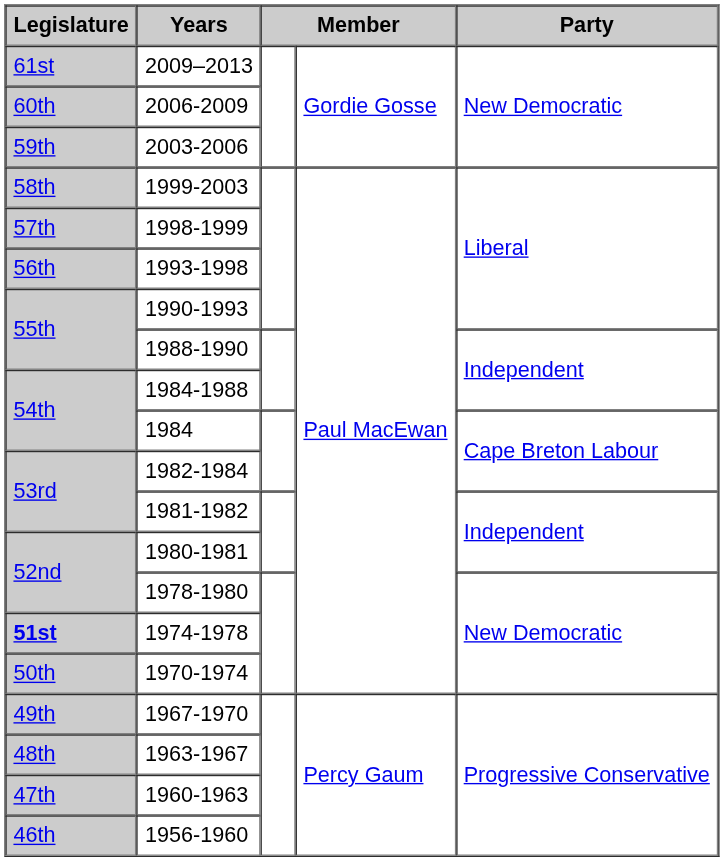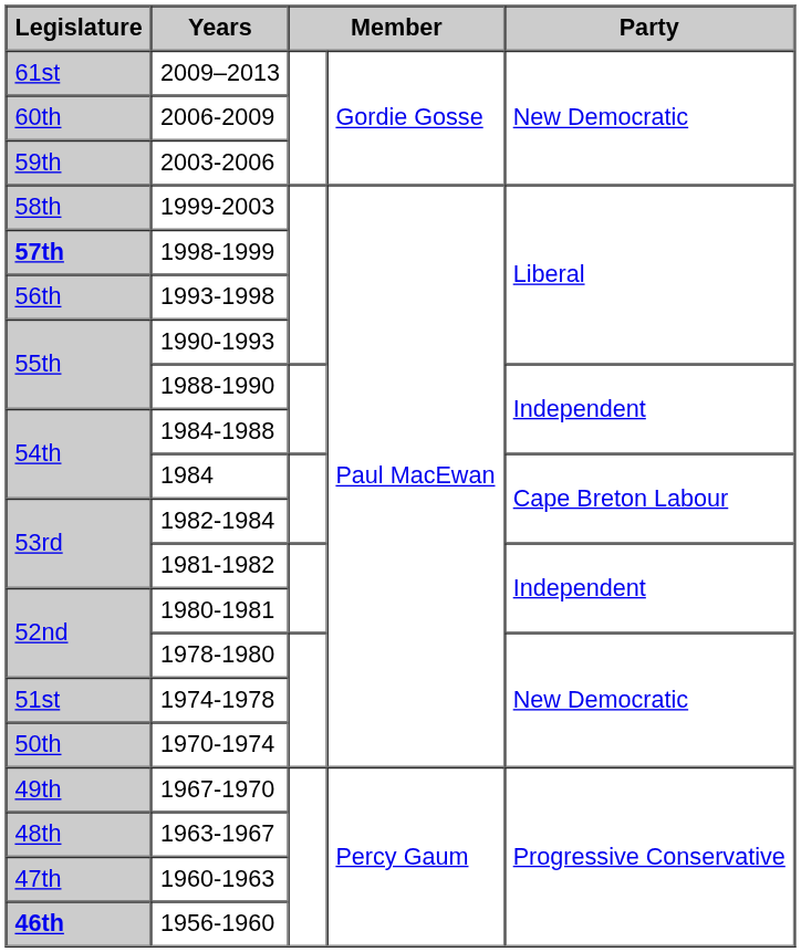 <table border=1 cellpadding=5 cellspacing=0>
 <tr bgcolor="CCCCCC">
 <th>Legislature</th>
 <th>Years</th>
 <th colspan="2">Member</th>
 <th>Party</th>
 </tr>
 <tr>
 <td bgcolor="CCCCCC"><a href='#'>61st</a></td>
 <td>2009–2013</td>
 <td rowspan="3" ></td>
 <td rowspan="3"><a href='#'>Gordie Gosse</a></td>
 <td rowspan="3"><a href='#'>New Democratic</a></td>
 </tr>
 <tr>
 <td bgcolor="CCCCCC"><a href='#'>60th</a></td>
 <td>2006-2009</td>
 </tr>
 <tr>
 <td bgcolor="CCCCCC"><a href='#'>59th</a></td>
 <td>2003-2006</td>
 </tr>
 <tr>
 <td bgcolor="CCCCCC"><a href='#'>58th</a></td>
 <td>1999-2003</td>
 <td rowspan="4" >   </td>
 <td rowspan="13"><a href='#'>Paul MacEwan</a></td>
 <td rowspan="4"><a href='#'>Liberal</a></td>
 </tr>
 <tr>
-<td bgcolor="CCCCCC"><a href='#'>57th</a></td>
+<td bgcolor="CCCCCC"><strong><a href='#'>57th</a></strong></td>
 <td>1998-1999</td>
 </tr>
 <tr>
 <td bgcolor="CCCCCC"><a href='#'>56th</a></td>
 <td>1993-1998</td>
 </tr>
 <tr>
 <td rowspan="2" bgcolor="CCCCCC"><a href='#'>55th</a></td>
 <td>1990-1993</td>
 </tr>
 <tr>
 <td>1988-1990</td>
 <td rowspan="2" >   </td>
 <td rowspan="2"><a href='#'>Independent</a></td>
 </tr>
 <tr>
 <td rowspan="2" bgcolor="CCCCCC"><a href='#'>54th</a></td>
 <td>1984-1988</td>
 </tr>
 <tr>
 <td>1984</td>
 <td rowspan="2" >   </td>
 <td rowspan="2"><a href='#'>Cape Breton Labour</a></td>
 </tr>
 <tr>
 <td rowspan="2" bgcolor="CCCCCC"><a href='#'>53rd</a></td>
 <td>1982-1984</td>
 </tr>
 <tr>
 <td>1981-1982</td>
 <td rowspan="2" >   </td>
 <td rowspan="2"><a href='#'>Independent</a></td>
 </tr>
 <tr>
 <td rowspan="2" bgcolor="CCCCCC"><a href='#'>52nd</a></td>
 <td>1980-1981</td>
 </tr>
 <tr>
 <td>1978-1980</td>
 <td rowspan="3" >   </td>
 <td rowspan="3"><a href='#'>New Democratic</a></td>
 </tr>
 <tr>
-<td bgcolor="CCCCCC"><strong><a href='#'>51st</a></strong></td>
+<td bgcolor="CCCCCC"><a href='#'>51st</a></td>
 <td>1974-1978</td>
 </tr>
 <tr>
 <td bgcolor="CCCCCC"><a href='#'>50th</a></td>
 <td>1970-1974</td>
 </tr>
 <tr>
 <td bgcolor="CCCCCC"><a href='#'>49th</a></td>
 <td>1967-1970</td>
 <td rowspan="4" ></td>
 <td rowspan="4"><a href='#'>Percy Gaum</a></td>
 <td rowspan="4"><a href='#'>Progressive Conservative</a></td>
 </tr>
 <tr>
 <td bgcolor="CCCCCC"><a href='#'>48th</a></td>
 <td>1963-1967</td>
 </tr>
 <tr>
 <td bgcolor="CCCCCC"><a href='#'>47th</a></td>
 <td>1960-1963</td>
 </tr>
 <tr>
-<td bgcolor="CCCCCC"><a href='#'>46th</a></td>
+<td bgcolor="CCCCCC"><strong><a href='#'>46th</a></strong></td>
 <td>1956-1960</td>
 </tr>
 </table>
